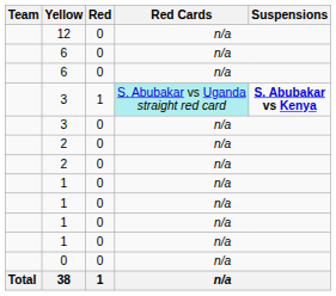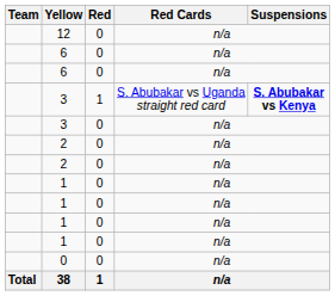 <table class="wikitable sortable" style="text-align:center;">
 <tr>
 <th>Team</th>
 <th> Yellow</th>
 <th> Red</th>
 <th>Red Cards</th>
 <th>Suspensions</th>
 </tr>
 <tr>
 <td style="text-align:left;"></td>
 <td>12</td>
 <td>0</td>
 <td colspan="2"><em>n/a</em></td>
 </tr>
 <tr>
 <td style="text-align:left;"></td>
 <td>6</td>
 <td>0</td>
 <td colspan="2"><em>n/a</em></td>
 </tr>
 <tr>
 <td style="text-align:left;"></td>
 <td>6</td>
 <td>0</td>
 <td colspan="2"><em>n/a</em></td>
 </tr>
 <tr>
 <td style="text-align:left;"></td>
 <td>3</td>
 <td>1</td>
-<td style="background: paleturquoise;"><a href='#'>S. Abubakar</a> vs <a href='#'>Uganda</a><br><em>straight red card</em></td>
+<td><a href='#'>S. Abubakar</a> vs <a href='#'>Uganda</a><br><em>straight red card</em></td>
 <td><strong><a href='#'>S. Abubakar</a><br>vs <a href='#'>Kenya</a></strong></td>
 </tr>
 <tr>
 <td style="text-align:left;"></td>
 <td>3</td>
 <td>0</td>
 <td colspan="2"><em>n/a</em></td>
 </tr>
 <tr>
 <td style="text-align:left;"></td>
 <td>2</td>
 <td>0</td>
 <td colspan="2"><em>n/a</em></td>
 </tr>
 <tr>
 <td style="text-align:left;"></td>
 <td>2</td>
 <td>0</td>
 <td colspan="2"><em>n/a</em></td>
 </tr>
 <tr>
 <td style="text-align:left;"></td>
 <td>1</td>
 <td>0</td>
 <td colspan="2"><em>n/a</em></td>
 </tr>
 <tr>
 <td style="text-align:left;"></td>
 <td>1</td>
 <td>0</td>
 <td colspan="2"><em>n/a</em></td>
 </tr>
 <tr>
 <td style="text-align:left;"></td>
 <td>1</td>
 <td>0</td>
 <td colspan="2"><em>n/a</em></td>
 </tr>
 <tr>
 <td style="text-align:left;"></td>
 <td>1</td>
 <td>0</td>
 <td colspan="2"><em>n/a</em></td>
 </tr>
 <tr>
 <td style="text-align:left;"></td>
 <td>0</td>
 <td>0</td>
 <td colspan="2"><em>n/a</em></td>
 </tr>
 <tr>
 <th style="text-align:left;">Total</th>
 <th>38</th>
 <th>1</th>
 <th colspan="2"><em>n/a</em></th>
 </tr>
 </table>
